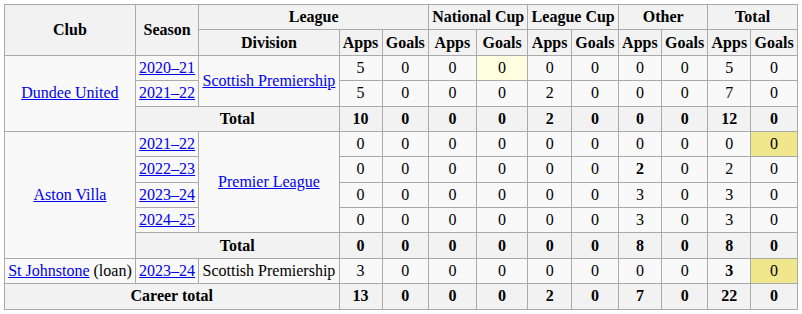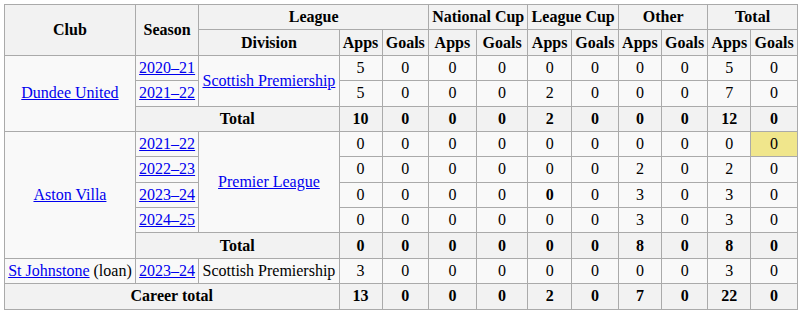 <table class="wikitable" style="text-align: center">
 <tr>
 <th rowspan="2">Club</th>
 <th rowspan="2">Season</th>
 <th colspan="3">League</th>
 <th colspan="2">National Cup</th>
 <th colspan="2">League Cup</th>
 <th colspan="2">Other</th>
 <th colspan="2">Total</th>
 </tr>
 <tr>
 <th>Division</th>
 <th>Apps</th>
 <th>Goals</th>
 <th>Apps</th>
 <th>Goals</th>
 <th>Apps</th>
 <th>Goals</th>
 <th>Apps</th>
 <th>Goals</th>
 <th>Apps</th>
 <th>Goals</th>
 </tr>
 <tr>
 <td rowspan=3><a href='#'>Dundee United</a></td>
 <td><a href='#'>2020–21</a></td>
 <td rowspan="2"><a href='#'>Scottish Premiership</a></td>
 <td>5</td>
 <td>0</td>
 <td>0</td>
-<td style="background: lightyellow;">0</td>
+<td>0</td>
 <td>0</td>
 <td>0</td>
 <td>0</td>
 <td>0</td>
 <td>5</td>
 <td>0</td>
 </tr>
 <tr>
 <td><a href='#'>2021–22</a></td>
 <td>5</td>
 <td>0</td>
 <td>0</td>
 <td>0</td>
 <td>2</td>
 <td>0</td>
 <td>0</td>
 <td>0</td>
 <td>7</td>
 <td>0</td>
 </tr>
 <tr>
 <th colspan="2">Total</th>
 <th>10</th>
 <th>0</th>
 <th>0</th>
 <th>0</th>
 <th>2</th>
 <th>0</th>
 <th>0</th>
 <th>0</th>
 <th>12</th>
 <th>0</th>
 </tr>
 <tr>
 <td rowspan="5"><a href='#'>Aston Villa</a></td>
 <td><a href='#'>2021–22</a></td>
 <td rowspan="4"><a href='#'>Premier League</a></td>
 <td>0</td>
 <td>0</td>
 <td>0</td>
 <td>0</td>
 <td>0</td>
 <td>0</td>
 <td>0</td>
 <td>0</td>
 <td>0</td>
 <td style="background: khaki;">0</td>
 </tr>
 <tr>
 <td><a href='#'>2022–23</a></td>
 <td>0</td>
 <td>0</td>
 <td>0</td>
 <td>0</td>
 <td>0</td>
 <td>0</td>
-<td><strong>2</strong></td>
+<td>2</td>
 <td>0</td>
 <td>2</td>
 <td>0</td>
 </tr>
 <tr>
 <td><a href='#'>2023–24</a></td>
 <td>0</td>
 <td>0</td>
 <td>0</td>
 <td>0</td>
-<td>0</td>
+<td><strong>0</strong></td>
 <td>0</td>
 <td>3</td>
 <td>0</td>
 <td>3</td>
 <td>0</td>
 </tr>
 <tr>
 <td><a href='#'>2024–25</a></td>
 <td>0</td>
 <td>0</td>
 <td>0</td>
 <td>0</td>
 <td>0</td>
 <td>0</td>
 <td>3</td>
 <td>0</td>
 <td>3</td>
 <td>0</td>
 </tr>
 <tr>
 <th colspan="2">Total</th>
 <th>0</th>
 <th>0</th>
 <th>0</th>
 <th>0</th>
 <th>0</th>
 <th>0</th>
 <th>8</th>
 <th>0</th>
 <th>8</th>
 <th>0</th>
 </tr>
 <tr>
 <td><a href='#'>St Johnstone</a> (loan)</td>
 <td><a href='#'>2023–24</a></td>
 <td>Scottish Premiership</td>
 <td>3</td>
 <td>0</td>
 <td>0</td>
 <td>0</td>
 <td>0</td>
 <td>0</td>
 <td>0</td>
 <td>0</td>
-<td><strong>3</strong></td>
-<td style="background: khaki;">0</td>
+<td>3</td>
+<td>0</td>
 </tr>
 <tr>
 <th colspan="3">Career total</th>
 <th>13</th>
 <th>0</th>
 <th>0</th>
 <th>0</th>
 <th>2</th>
 <th>0</th>
 <th>7</th>
 <th>0</th>
 <th>22</th>
 <th>0</th>
 </tr>
 </table>
